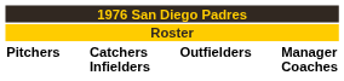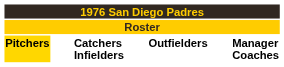 <table class="toccolours" style="font-size: 95%;">
 <tr>
 <th colspan="10" style="background-color: #312821; color: #FFCC00; text-align: center;">1976 San Diego Padres</th>
 </tr>
 <tr>
 <td colspan="10" style="background-color: #FFCC00; color: #312821; text-align: center;"><strong>Roster</strong></td>
 </tr>
 <tr>
-<td valign="top"><strong>Pitchers</strong><br>               </td>
+<td valign="top" style="background: gold;"><strong>Pitchers</strong><br>               </td>
 <td width="25px"></td>
 <td valign="top"><strong>Catchers</strong><br>  <strong>Infielders</strong>          </td>
 <td width="25px"></td>
 <td valign="top"><strong>Outfielders</strong><br>       </td>
 <td width="25px"></td>
 <td valign="top"><strong>Manager</strong><br> <strong>Coaches</strong>    </td>
 </tr>
 </table>
